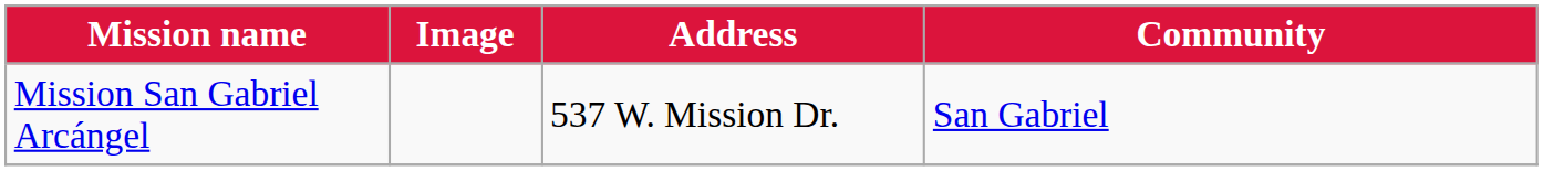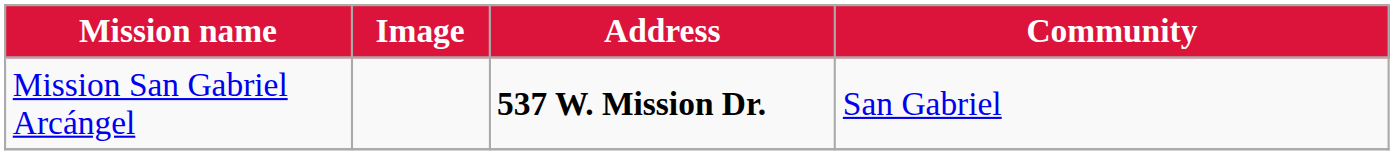 <table class="wikitable sortable" style="width:75%">
 <tr>
 <th style="background:crimson; color:white;" width="25%"><strong>Mission name</strong></th>
 <th style="background:crimson; color:white;" width="10%"><strong>Image</strong></th>
 <th style="background:crimson; color:white;" width="25%"><strong>Address</strong></th>
 <th style="background:crimson; color:white;" width="15"><strong>Community</strong></th>
 </tr>
 <tr>
 <td><a href='#'>Mission San Gabriel Arcángel</a></td>
 <td></td>
-<td>537 W. Mission Dr. <small></small></td>
+<td><strong>537 W. Mission Dr. <small></small></strong></td>
 <td><a href='#'>San Gabriel</a></td>
 </tr>
 <tr ->
 </tr>
 </table>
